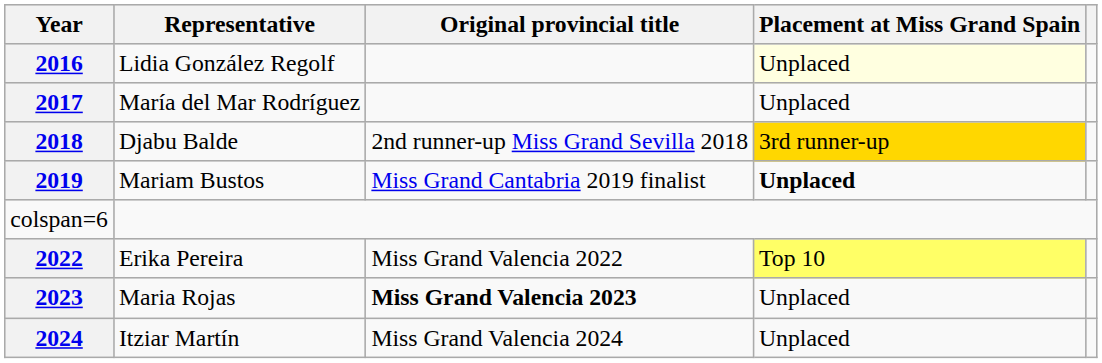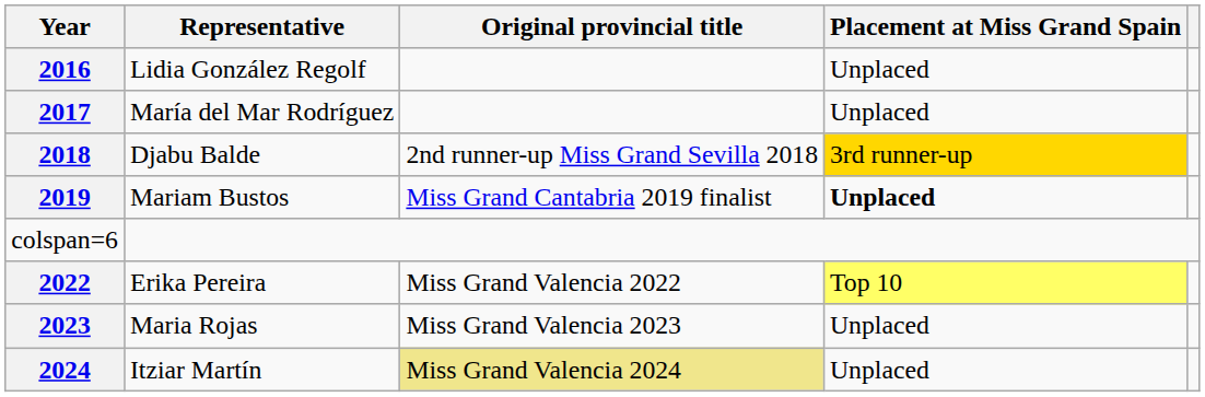 <table class="wikitable defaultcenter col2left" style="font-size:95%;">
 <tr>
 <th>Year</th>
 <th>Representative</th>
 <th>Original provincial title</th>
 <th>Placement at Miss Grand Spain</th>
 <th></th>
 </tr>
 <tr>
 <th><a href='#'>2016</a></th>
 <td>Lidia González Regolf</td>
 <td></td>
-<td style="background: lightyellow;">Unplaced</td>
+<td>Unplaced</td>
 <td></td>
 </tr>
 <tr>
 <th><a href='#'>2017</a></th>
 <td>María del Mar Rodríguez</td>
 <td></td>
 <td>Unplaced</td>
 <td></td>
 </tr>
 <tr>
 <th><a href='#'>2018</a></th>
 <td>Djabu Balde</td>
 <td>2nd runner-up <a href='#'>Miss Grand Sevilla</a> 2018</td>
 <td bgcolor=gold>3rd runner-up</td>
 <td></td>
 </tr>
 <tr>
 <th><a href='#'>2019</a></th>
 <td>Mariam Bustos</td>
 <td><a href='#'>Miss Grand Cantabria</a> 2019 finalist</td>
 <td><strong>Unplaced</strong></td>
 <td></td>
 </tr>
 <tr>
 <td>colspan=6 </td>
 </tr>
 <tr>
 <th><a href='#'>2022</a></th>
 <td>Erika Pereira</td>
 <td>Miss Grand Valencia 2022</td>
 <td bgcolor=#FFFF66>Top 10</td>
 <td></td>
 </tr>
 <tr>
 <th><a href='#'>2023</a></th>
 <td>Maria Rojas</td>
-<td><strong>Miss Grand Valencia 2023</strong></td>
+<td>Miss Grand Valencia 2023</td>
 <td>Unplaced</td>
 <td></td>
 </tr>
 <tr>
 <th><a href='#'>2024</a></th>
 <td>Itziar Martín</td>
-<td>Miss Grand Valencia 2024</td>
+<td style="background: khaki;">Miss Grand Valencia 2024</td>
 <td>Unplaced</td>
 <td></td>
 </tr>
 </table>
